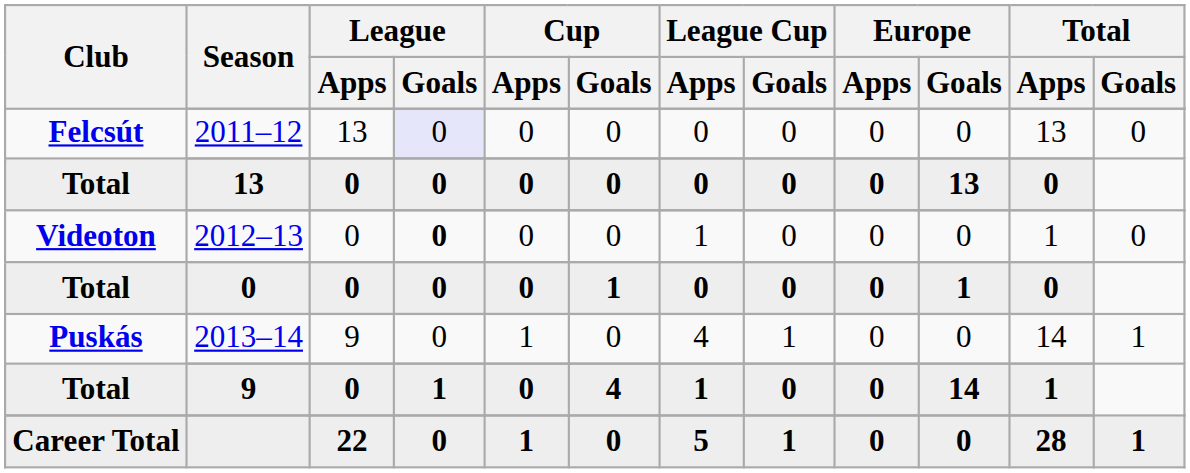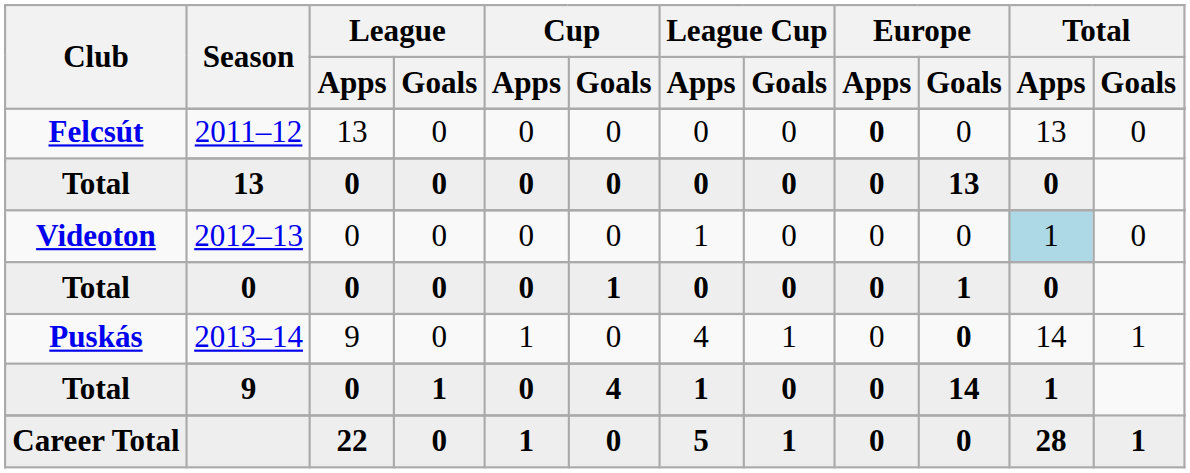 <table class="wikitable" style="font-size:90%; text-align: center;">
 <tr>
 <th rowspan="2">Club</th>
 <th rowspan="2">Season</th>
 <th colspan="2">League</th>
 <th colspan="2">Cup</th>
 <th colspan="2">League Cup</th>
 <th colspan="2">Europe</th>
 <th colspan="2">Total</th>
 </tr>
 <tr>
 <th>Apps</th>
 <th>Goals</th>
 <th>Apps</th>
 <th>Goals</th>
 <th>Apps</th>
 <th>Goals</th>
 <th>Apps</th>
 <th>Goals</th>
 <th>Apps</th>
 <th>Goals</th>
 </tr>
 <tr ||-||-||-|->
 <td rowspan="3" valign="center"><strong><a href='#'>Felcsút</a></strong></td>
 </tr>
 <tr>
 <td><a href='#'>2011–12</a></td>
 <td>13</td>
-<td style="background: lavender;">0</td>
 <td>0</td>
 <td>0</td>
 <td>0</td>
 <td>0</td>
 <td>0</td>
+<td><strong>0</strong></td>
 <td>0</td>
 <td>13</td>
 <td>0</td>
 </tr>
 <tr>
 </tr>
 <tr style="font-weight:bold; background-color:#eeeeee;">
 <td>Total</td>
 <td>13</td>
 <td>0</td>
 <td>0</td>
 <td>0</td>
 <td>0</td>
 <td>0</td>
 <td>0</td>
 <td>0</td>
 <td>13</td>
 <td>0</td>
 </tr>
 <tr>
 <td rowspan="3" valign="center"><strong><a href='#'>Videoton</a></strong></td>
 </tr>
 <tr>
 <td><a href='#'>2012–13</a></td>
 <td>0</td>
-<td><strong>0</strong></td>
+<td>0</td>
 <td>0</td>
 <td>0</td>
 <td>1</td>
 <td>0</td>
 <td>0</td>
 <td>0</td>
-<td>1</td>
+<td style="background: lightblue;">1</td>
 <td>0</td>
 </tr>
 <tr>
 </tr>
 <tr style="font-weight:bold; background-color:#eeeeee;">
 <td>Total</td>
 <td>0</td>
 <td>0</td>
 <td>0</td>
 <td>0</td>
 <td>1</td>
 <td>0</td>
 <td>0</td>
 <td>0</td>
 <td>1</td>
 <td>0</td>
 </tr>
 <tr>
 <td rowspan="3" valign="center"><strong><a href='#'>Puskás</a></strong></td>
 </tr>
 <tr>
 <td><a href='#'>2013–14</a></td>
 <td>9</td>
 <td>0</td>
 <td>1</td>
 <td>0</td>
 <td>4</td>
 <td>1</td>
 <td>0</td>
-<td>0</td>
+<td><strong>0</strong></td>
 <td>14</td>
 <td>1</td>
 </tr>
 <tr>
 </tr>
 <tr style="font-weight:bold; background-color:#eeeeee;">
 <td>Total</td>
 <td>9</td>
 <td>0</td>
 <td>1</td>
 <td>0</td>
 <td>4</td>
 <td>1</td>
 <td>0</td>
 <td>0</td>
 <td>14</td>
 <td>1</td>
 </tr>
 <tr>
 </tr>
 <tr style="font-weight:bold; background-color:#eeeeee;">
 <td rowspan="2" valign="top"><strong>Career Total</strong></td>
 <td></td>
 <td><strong>22</strong></td>
 <td><strong>0</strong></td>
 <td><strong>1</strong></td>
 <td><strong>0</strong></td>
 <td><strong>5</strong></td>
 <td><strong>1</strong></td>
 <td><strong>0</strong></td>
 <td><strong>0</strong></td>
 <td><strong>28</strong></td>
 <td><strong>1</strong></td>
 </tr>
 </table>
